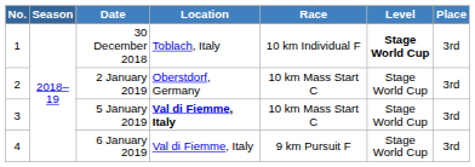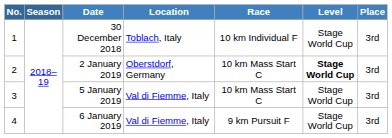 <table class="wikitable sortable" style="font-size:95%; text-align:center; border:grey solid 1px; border-collapse:collapse; background:#ffffff;">
 <tr style="background:#efefef;">
 <th style="background-color:#369; color:white;">No.</th>
 <th style="background-color:#369; color:white;">Season</th>
 <th style="background-color:#4180be; color:white; width:100px;">Date</th>
 <th style="background-color:#4180be; color:white; width:170px;">Location</th>
 <th style="background-color:#4180be; color:white; width:170px;">Race</th>
 <th style="background-color:#4180be; color:white; width:100px;">Level</th>
 <th style="background-color:#4180be; color:white;">Place</th>
 </tr>
 <tr>
 <td align=center>1</td>
 <td rowspan=4 align=center><a href='#'>2018–19</a></td>
 <td align=right>30 December 2018</td>
 <td align=left> <a href='#'>Toblach</a>, Italy</td>
 <td>10 km Individual F</td>
-<td><strong>Stage World Cup</strong></td>
+<td>Stage World Cup</td>
 <td>3rd</td>
 </tr>
 <tr>
 <td align=center>2</td>
 <td align=right>2 January 2019</td>
 <td align=left> <a href='#'>Oberstdorf</a>, Germany</td>
 <td>10 km Mass Start C</td>
-<td>Stage World Cup</td>
+<td><strong>Stage World Cup</strong></td>
 <td>3rd</td>
 </tr>
 <tr>
 <td align=center>3</td>
 <td align=right>5 January 2019</td>
-<td align=left><strong> <a href='#'>Val di Fiemme</a>, Italy</strong></td>
+<td align=left> <a href='#'>Val di Fiemme</a>, Italy</td>
 <td>10 km Mass Start C</td>
 <td>Stage World Cup</td>
 <td>3rd</td>
 </tr>
 <tr>
 <td align=center>4</td>
 <td align=right>6 January 2019</td>
 <td align=left> <a href='#'>Val di Fiemme</a>, Italy</td>
 <td>9 km Pursuit F</td>
 <td>Stage World Cup</td>
 <td>3rd</td>
 </tr>
 </table>
